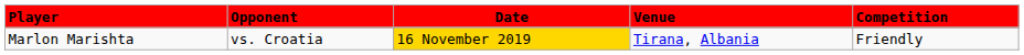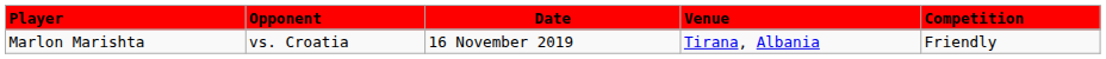 <table class="wikitable" style="width:75%;">
 <tr>
 <th style="background:red; color:black; text-align:left;">Player</th>
 <th style="background:red; color:black; text-align:left;">Opponent</th>
 <th style="background:red; color;black text-align:left;">Date</th>
 <th style="background:red; color:black; text-align:left;">Venue</th>
 <th style="background:red; color:black; text-align:left;">Competition</th>
 </tr>
 <tr>
 <td rowspan="3">Marlon Marishta</td>
 </tr>
 <tr>
 <td>vs.  Croatia</td>
-<td style="background: gold;">16 November 2019</td>
+<td>16 November 2019</td>
 <td><a href='#'>Tirana</a>, <a href='#'>Albania</a></td>
 <td>Friendly</td>
 </tr>
 </table>
